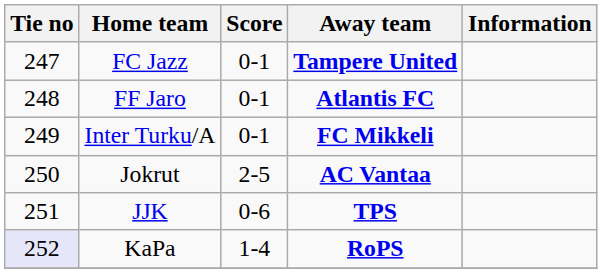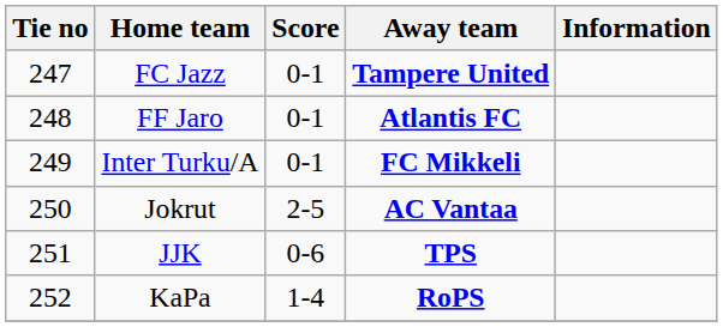 <table class="wikitable" style="text-align:center">
 <tr>
 <th style= width="40px">Tie no</th>
 <th style= width="150px">Home team</th>
 <th style= width="60px">Score</th>
 <th style= width="150px">Away team</th>
 <th style= width="30px">Information</th>
 </tr>
 <tr>
 <td>247</td>
 <td><a href='#'>FC Jazz</a></td>
 <td>0-1</td>
 <td><strong><a href='#'>Tampere United</a></strong></td>
 <td></td>
 </tr>
 <tr>
 <td>248</td>
 <td><a href='#'>FF Jaro</a></td>
 <td>0-1</td>
 <td><strong><a href='#'>Atlantis FC</a></strong></td>
 <td></td>
 </tr>
 <tr>
 <td>249</td>
 <td><a href='#'>Inter Turku</a>/A</td>
 <td>0-1</td>
 <td><strong><a href='#'>FC Mikkeli</a></strong></td>
 <td></td>
 </tr>
 <tr>
 <td>250</td>
 <td>Jokrut</td>
 <td>2-5</td>
 <td><strong><a href='#'>AC Vantaa</a></strong></td>
 <td></td>
 </tr>
 <tr>
 <td>251</td>
 <td><a href='#'>JJK</a></td>
 <td>0-6</td>
 <td><strong><a href='#'>TPS</a></strong></td>
 <td></td>
 </tr>
 <tr>
-<td style="background: lavender;">252</td>
+<td>252</td>
 <td>KaPa</td>
 <td>1-4</td>
 <td><strong><a href='#'>RoPS</a></strong></td>
 <td></td>
 </tr>
 <tr>
 </tr>
 </table>
